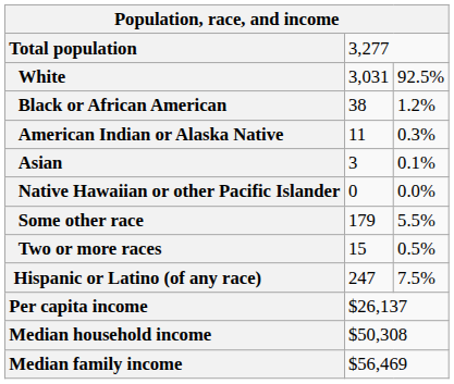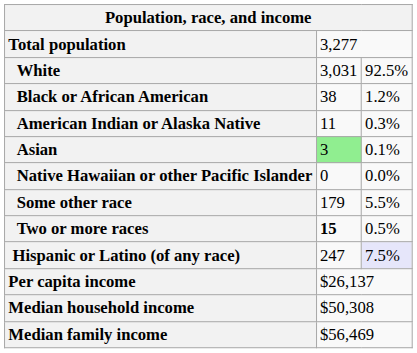 <table class="wikitable collapsible collapsed">
 <tr>
 <th colspan=6>Population, race, and income</th>
 </tr>
 <tr>
 <th scope="row" style="text-align: left;">Total population</th>
 <td colspan=2>3,277</td>
 </tr>
 <tr>
 <th scope="row" style="text-align: left;">  White</th>
 <td>3,031</td>
 <td>92.5%</td>
 </tr>
 <tr>
 <th scope="row" style="text-align: left;">  Black or African American</th>
 <td>38</td>
 <td>1.2%</td>
 </tr>
 <tr>
 <th scope="row" style="text-align: left;">  American Indian or Alaska Native</th>
 <td>11</td>
 <td>0.3%</td>
 </tr>
 <tr>
 <th scope="row" style="text-align: left;">  Asian</th>
-<td>3</td>
+<td style="background: lightgreen;">3</td>
 <td>0.1%</td>
 </tr>
 <tr>
 <th scope="row" style="text-align: left;">  Native Hawaiian or other Pacific Islander</th>
 <td>0</td>
 <td>0.0%</td>
 </tr>
 <tr>
 <th scope="row" style="text-align: left;">  Some other race</th>
 <td>179</td>
 <td>5.5%</td>
 </tr>
 <tr>
 <th scope="row" style="text-align: left;">  Two or more races</th>
-<td>15</td>
+<td><strong>15</strong></td>
 <td>0.5%</td>
 </tr>
 <tr>
 <th scope="row" style="text-align: left;"> Hispanic or Latino (of any race)</th>
 <td>247</td>
-<td>7.5%</td>
+<td style="background: lavender;">7.5%</td>
 </tr>
 <tr>
 <th scope="row" style="text-align: left;">Per capita income</th>
 <td colspan=2>$26,137</td>
 </tr>
 <tr>
 <th scope="row" style="text-align: left;">Median household income</th>
 <td colspan=2>$50,308</td>
 </tr>
 <tr>
 <th scope="row" style="text-align: left;">Median family income</th>
 <td colspan=2>$56,469</td>
 </tr>
 </table>
